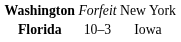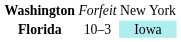 <table>
 <tr>
 <td align=center><strong>Washington</strong></td>
 <td align=center><em>Forfeit</em></td>
 <td align=center>New York</td>
 </tr>
 <tr>
 <td align=center><strong>Florida</strong></td>
 <td align=center>10–3</td>
-<td align=center>Iowa</td>
+<td align=center style="background: paleturquoise;">Iowa</td>
 </tr>
 </table>
